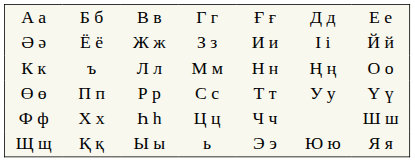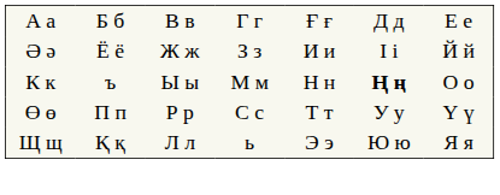 <table style="font-family:Arial Unicode MS; font-size:1.4em; border-color:#000000; border-width:1px; border-style:solid; border-collapse:collapse; background-color:#F8F8EF">
 <tr>
 <td style="width:3em; text-align:center; padding: 3px;">А а</td>
 <td style="width:3em; text-align:center; padding: 3px;">Б б</td>
 <td style="width:3em; text-align:center; padding: 3px;">В в</td>
 <td style="width:3em; text-align:center; padding: 3px;">Г г</td>
 <td style="width:3em; text-align:center; padding: 3px;">Ғ ғ</td>
 <td style="width:3em; text-align:center; padding: 3px;">Д д</td>
 <td style="width:3em; text-align:center; padding: 3px;">Е е</td>
 </tr>
 <tr>
 <td style="width:3em; text-align:center; padding: 3px;">Ә ә</td>
 <td style="width:3em; text-align:center; padding: 3px;">Ё ё</td>
 <td style="width:3em; text-align:center; padding: 3px;">Ж ж</td>
 <td style="width:3em; text-align:center; padding: 3px;">З з</td>
 <td style="width:3em; text-align:center; padding: 3px;">И и</td>
 <td style="width:3em; text-align:center; padding: 3px;">I i</td>
 <td style="width:3em; text-align:center; padding: 3px;">Й й</td>
 </tr>
 <tr>
 <td style="width:3em; text-align:center; padding: 3px;">К к</td>
 <td style="width:3em; text-align:center; padding: 3px;">ъ</td>
-<td style="width:3em; text-align:center; padding: 3px;">Л л</td>
+<td style="width:3em; text-align:center; padding: 3px;">Ы ы</td>
 <td style="width:3em; text-align:center; padding: 3px;">М м</td>
 <td style="width:3em; text-align:center; padding: 3px;">Н н</td>
-<td style="width:3em; text-align:center; padding: 3px;">Ң ң</td>
+<td style="width:3em; text-align:center; padding: 3px;"><strong>Ң ң</strong></td>
 <td style="width:3em; text-align:center; padding: 3px;">О о</td>
 </tr>
 <tr>
 <td style="width:3em; text-align:center; padding: 3px;">Ө ө</td>
 <td style="width:3em; text-align:center; padding: 3px;">П п</td>
 <td style="width:3em; text-align:center; padding: 3px;">Р р</td>
 <td style="width:3em; text-align:center; padding: 3px;">С с</td>
 <td style="width:3em; text-align:center; padding: 3px;">Т т</td>
 <td style="width:3em; text-align:center; padding: 3px;">У у</td>
 <td style="width:3em; text-align:center; padding: 3px;">Ү ү</td>
 </tr>
 <tr>
-<td style="width:3em; text-align:center; padding: 3px;">Ф ф</td>
-<td style="width:3em; text-align:center; padding: 3px;">Х х</td>
-<td style="width:3em; text-align:center; padding: 3px;">Һ һ</td>
-<td style="width:3em; text-align:center; padding: 3px;">Ц ц</td>
-<td style="width:3em; text-align:center; padding: 3px;">Ч ч</td>
-<td style="width:3em; text-align:center; padding: 3px;"></td>
-<td style="width:3em; text-align:center; padding: 3px;">Ш ш</td>
-</tr>
-<tr>
 <td style="width:3em; text-align:center; padding: 3px;">Щ щ</td>
 <td style="width:3em; text-align:center; padding: 3px;">Қ қ</td>
-<td style="width:3em; text-align:center; padding: 3px;">Ы ы</td>
+<td style="width:3em; text-align:center; padding: 3px;">Л л</td>
 <td style="width:3em; text-align:center; padding: 3px;">ь</td>
 <td style="width:3em; text-align:center; padding: 3px;">Э э</td>
 <td style="width:3em; text-align:center; padding: 3px;">Ю ю</td>
 <td style="width:3em; text-align:center; padding: 3px;">Я я</td>
 </tr>
 </table>
